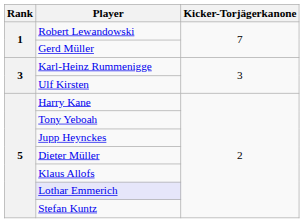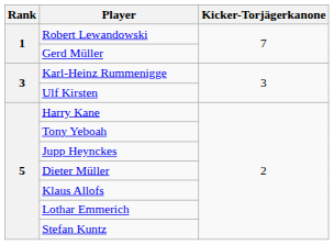 <table class="wikitable sortable">
 <tr>
 <th>Rank</th>
 <th style="width:200px">Player</th>
 <th>Kicker-Torjägerkanone</th>
 </tr>
 <tr>
 <th rowspan="2">1</th>
 <td data-sort-value="Lewandowski, Robert"> <a href='#'>Robert Lewandowski</a></td>
 <td rowspan="2" align="center">7</td>
 </tr>
 <tr>
 <td data-sort-value="Muller, Gerd"> <a href='#'>Gerd Müller</a></td>
 </tr>
 <tr>
 <th rowspan="2">3</th>
 <td data-sort-value="Rummenigge, Karl-Heinz"> <a href='#'>Karl-Heinz Rummenigge</a></td>
 <td rowspan="2" align="center">3</td>
 </tr>
 <tr>
 <td data-sort-value="Kirsten, Ulf "> <a href='#'>Ulf Kirsten</a></td>
 </tr>
 <tr>
 <th rowspan="7">5</th>
 <td data-sort-value="Yeboah, Tony"> <a href='#'>Harry Kane</a></td>
 <td rowspan="7" align="center">2</td>
 </tr>
 <tr>
 <td data-sort-value="Yeboah, Tony"> <a href='#'>Tony Yeboah</a></td>
 </tr>
 <tr>
 <td data-sort-value="Heynckes, Jupp"> <a href='#'>Jupp Heynckes</a></td>
 </tr>
 <tr>
 <td data-sort-value="Muller, Dieter"> <a href='#'>Dieter Müller</a></td>
 </tr>
 <tr>
 <td data-sort-value="Allofs, Klaus"> <a href='#'>Klaus Allofs</a></td>
 </tr>
 <tr>
-<td data-sort-value="Emmerich, Lothar" style="background: lavender;"> <a href='#'>Lothar Emmerich</a></td>
+<td data-sort-value="Emmerich, Lothar"> <a href='#'>Lothar Emmerich</a></td>
 </tr>
 <tr>
 <td data-sort-value="Kuntz, Stefan"> <a href='#'>Stefan Kuntz</a></td>
 </tr>
 </table>
